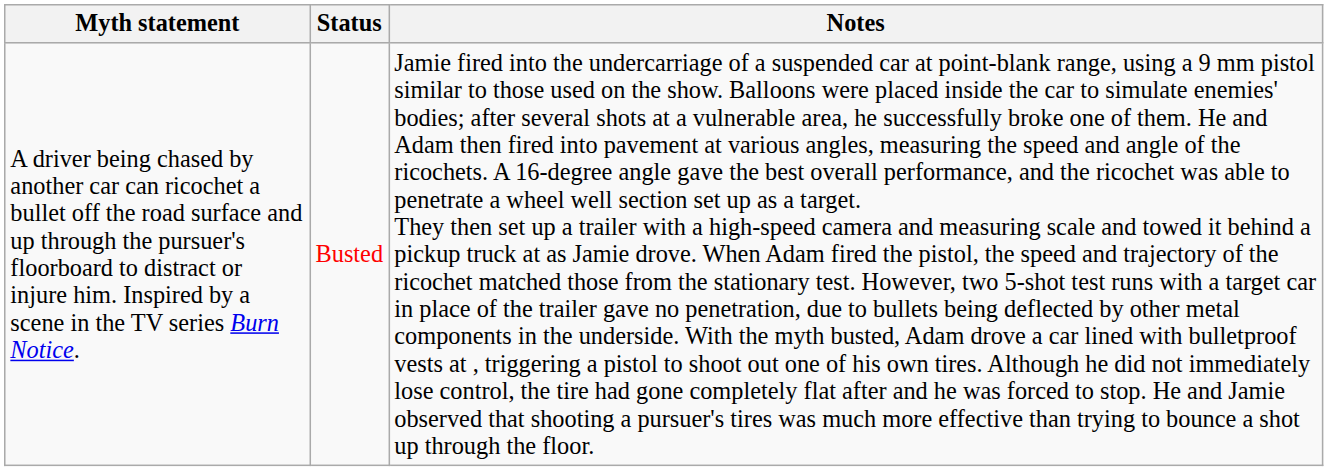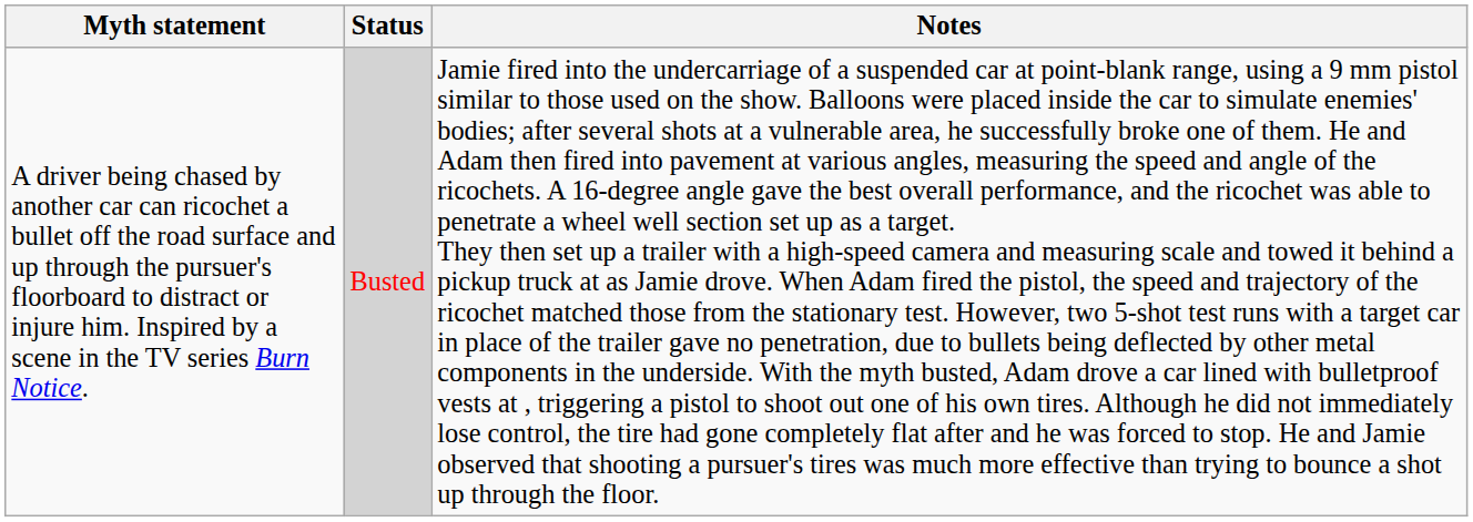 <table class="wikitable plainrowheaders">
 <tr>
 <th>Myth statement</th>
 <th>Status</th>
 <th>Notes</th>
 </tr>
 <tr>
 <td>A driver being chased by another car can ricochet a bullet off the road surface and up through the pursuer's floorboard to distract or injure him. Inspired by a scene in the TV series <em><a href='#'>Burn Notice</a></em>.</td>
-<td style="color:red">Busted</td>
+<td style="background: lightgrey; color:red">Busted</td>
 <td>Jamie fired into the undercarriage of a suspended car at point-blank range, using a 9 mm pistol similar to those used on the show. Balloons were placed inside the car to simulate enemies' bodies; after several shots at a vulnerable area, he successfully broke one of them. He and Adam then fired into pavement at various angles, measuring the speed and angle of the ricochets. A 16-degree angle gave the best overall performance, and the ricochet was able to penetrate a wheel well section set up as a target.<br>They then set up a trailer with a high-speed camera and measuring scale and towed it behind a pickup truck at  as Jamie drove. When Adam fired the pistol, the speed and trajectory of the ricochet matched those from the stationary test. However, two 5-shot test runs with a target car in place of the trailer gave no penetration, due to bullets being deflected by other metal components in the underside. With the myth busted, Adam drove a car lined with bulletproof vests at , triggering a pistol to shoot out one of his own tires. Although he did not immediately lose control, the tire had gone completely flat after  and he was forced to stop. He and Jamie observed that shooting a pursuer's tires was much more effective than trying to bounce a shot up through the floor.</td>
 </tr>
 </table>
